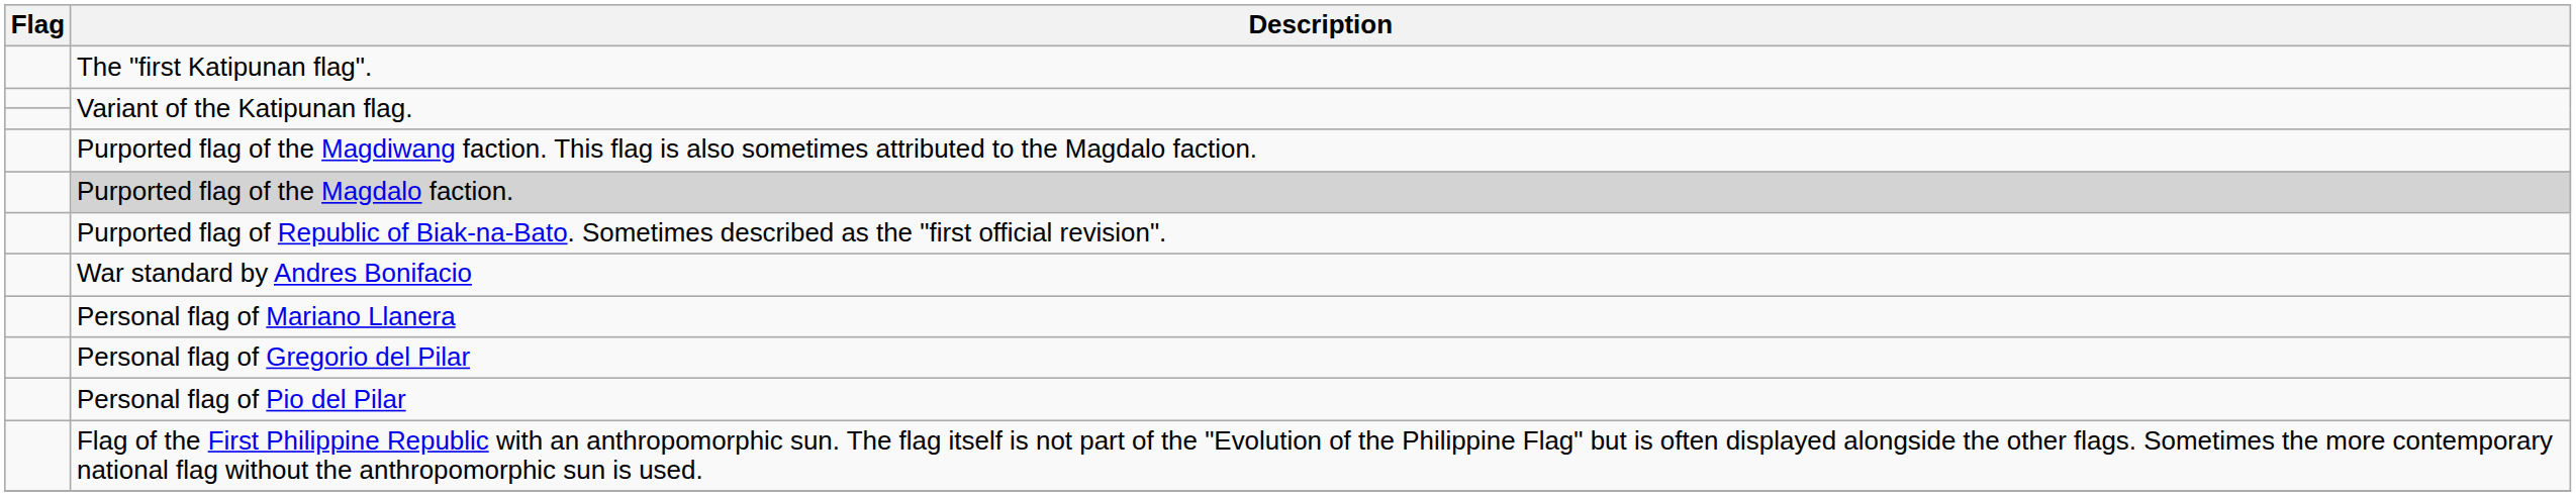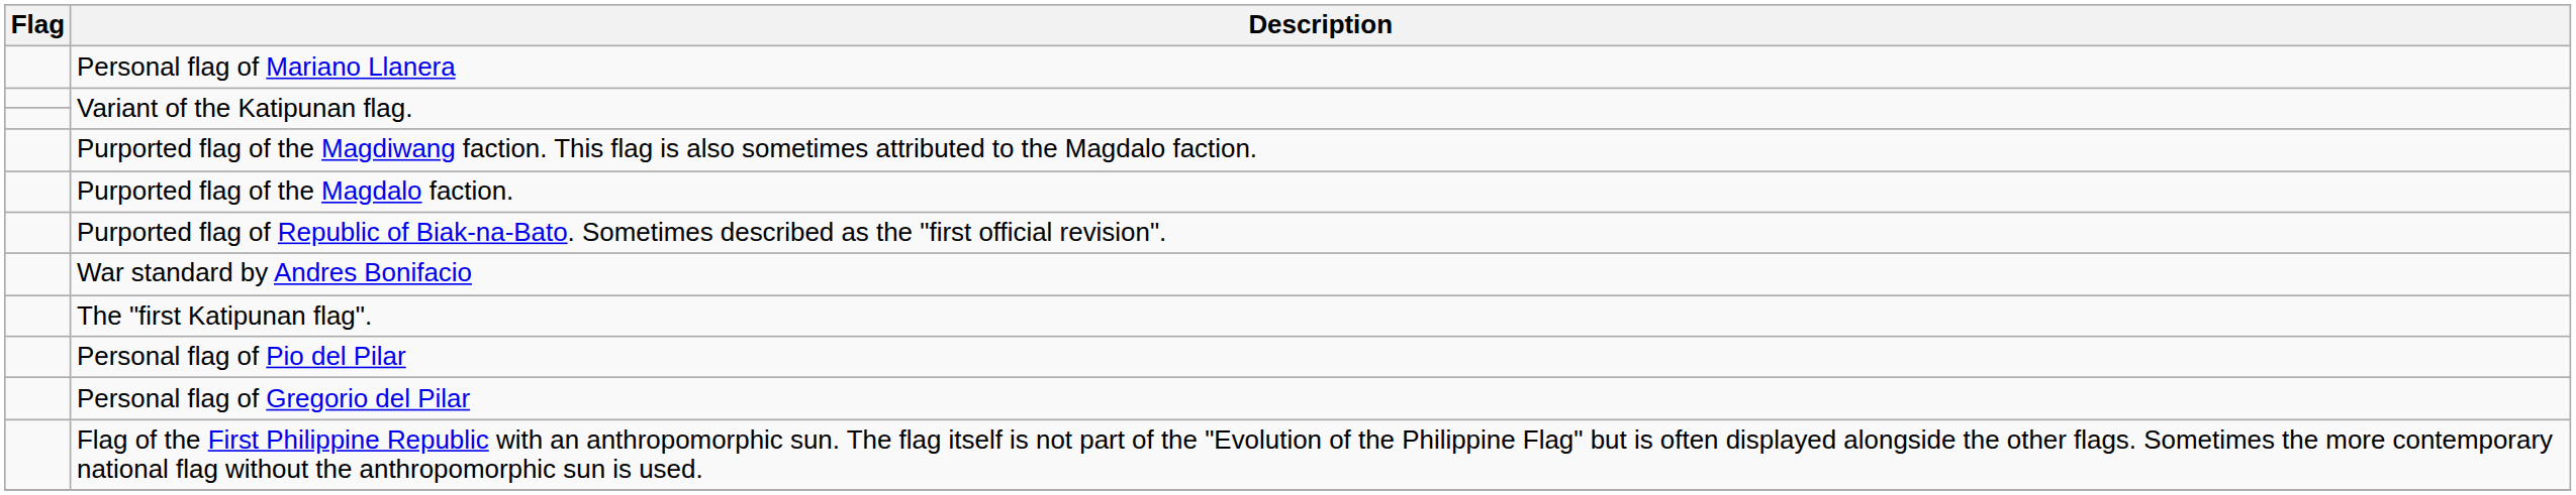 <table class="wikitable">
 <tr>
 <th style="width:110">Flag</th>
 <th>Description</th>
 </tr>
 <tr>
 <td style="text-align:center"></td>
-<td>The "first Katipunan flag".</td>
+<td>Personal flag of <a href='#'>Mariano Llanera</a></td>
 </tr>
 <tr>
 <td style="text-align:center"></td>
 <td rowspan=2>Variant of the Katipunan flag.</td>
 </tr>
 <tr>
 <td style="text-align:center"></td>
 </tr>
 <tr>
 <td style="text-align:center"></td>
 <td>Purported flag of the <a href='#'>Magdiwang</a> faction. This flag is also sometimes attributed to the Magdalo faction.</td>
 </tr>
 <tr>
 <td style="text-align:center"><br> </td>
-<td style="background: lightgrey;">Purported flag of the <a href='#'>Magdalo</a> faction.</td>
+<td>Purported flag of the <a href='#'>Magdalo</a> faction.</td>
 </tr>
 <tr>
 <td style="text-align:center"></td>
 <td>Purported flag of <a href='#'>Republic of Biak-na-Bato</a>. Sometimes described as the "first official revision".</td>
 </tr>
 <tr>
 <td style="text-align:center"></td>
 <td>War standard by <a href='#'>Andres Bonifacio</a></td>
 </tr>
 <tr>
 <td style="text-align:center"></td>
-<td>Personal flag of <a href='#'>Mariano Llanera</a></td>
+<td>The "first Katipunan flag".</td>
+</tr>
+<tr>
+<td style="text-align:center"></td>
+<td>Personal flag of <a href='#'>Pio del Pilar</a></td>
 </tr>
 <tr>
 <td style="text-align:center"></td>
 <td>Personal flag of <a href='#'>Gregorio del Pilar</a></td>
-</tr>
-<tr>
-<td style="text-align:center"></td>
-<td>Personal flag of <a href='#'>Pio del Pilar</a></td>
 </tr>
 <tr>
 <td style="text-align:center"><br><br></td>
 <td>Flag of the <a href='#'>First Philippine Republic</a> with an anthropomorphic sun. The flag itself is not part of the "Evolution of the Philippine Flag" but is often displayed alongside the other flags. Sometimes the more contemporary national flag without the anthropomorphic sun is used.</td>
 </tr>
 <tr>
 </tr>
 </table>
